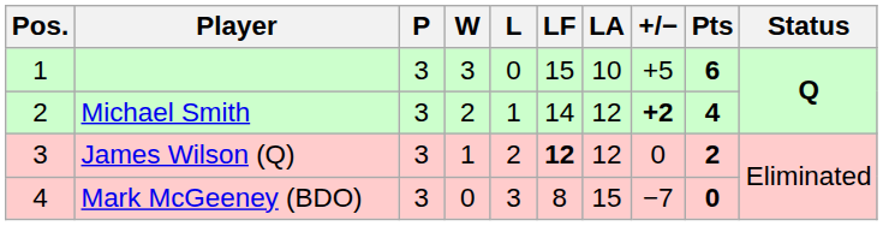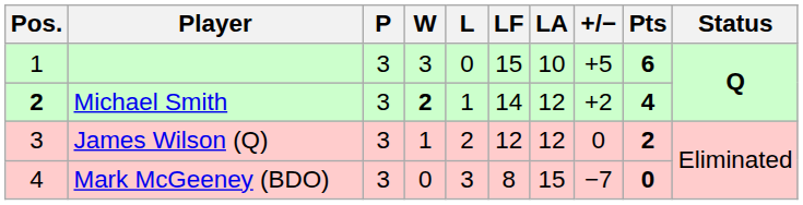 <table class="wikitable" style="text-align:center; margin: 1em auto 1em auto, align:left">
 <tr>
 <th width=20>Pos.</th>
 <th width=185>Player</th>
 <th width=20>P</th>
 <th width=20>W</th>
 <th width=20>L</th>
 <th width=20>LF</th>
 <th width=20>LA</th>
 <th width=25>+/−</th>
 <th width=20>Pts</th>
 <th width=70>Status</th>
 </tr>
 <tr style="background:#CCFFCC;">
 <td>1</td>
 <td align=left></td>
 <td>3</td>
 <td>3</td>
 <td>0</td>
 <td>15</td>
 <td>10</td>
 <td>+5</td>
 <td><strong>6</strong></td>
 <td rowspan=2><strong>Q</strong></td>
 </tr>
 <tr style="background:#CCFFCC;">
-<td>2</td>
+<td><strong>2</strong></td>
 <td align=left> <a href='#'>Michael Smith</a></td>
 <td>3</td>
-<td>2</td>
+<td><strong>2</strong></td>
 <td>1</td>
 <td>14</td>
 <td>12</td>
-<td><strong>+2</strong></td>
+<td>+2</td>
 <td><strong>4</strong></td>
 </tr>
 <tr style="background:#FFCCCC;">
 <td>3</td>
 <td align=left> <a href='#'>James Wilson</a> (Q)</td>
 <td>3</td>
 <td>1</td>
 <td>2</td>
-<td><strong>12</strong></td>
+<td>12</td>
 <td>12</td>
 <td>0</td>
 <td><strong>2</strong></td>
 <td rowspan=2>Eliminated</td>
 </tr>
 <tr style="background:#FFCCCC;">
 <td>4</td>
 <td align=left> <a href='#'>Mark McGeeney</a> (BDO)</td>
 <td>3</td>
 <td>0</td>
 <td>3</td>
 <td>8</td>
 <td>15</td>
 <td>−7</td>
 <td><strong>0</strong></td>
 </tr>
 </table>
